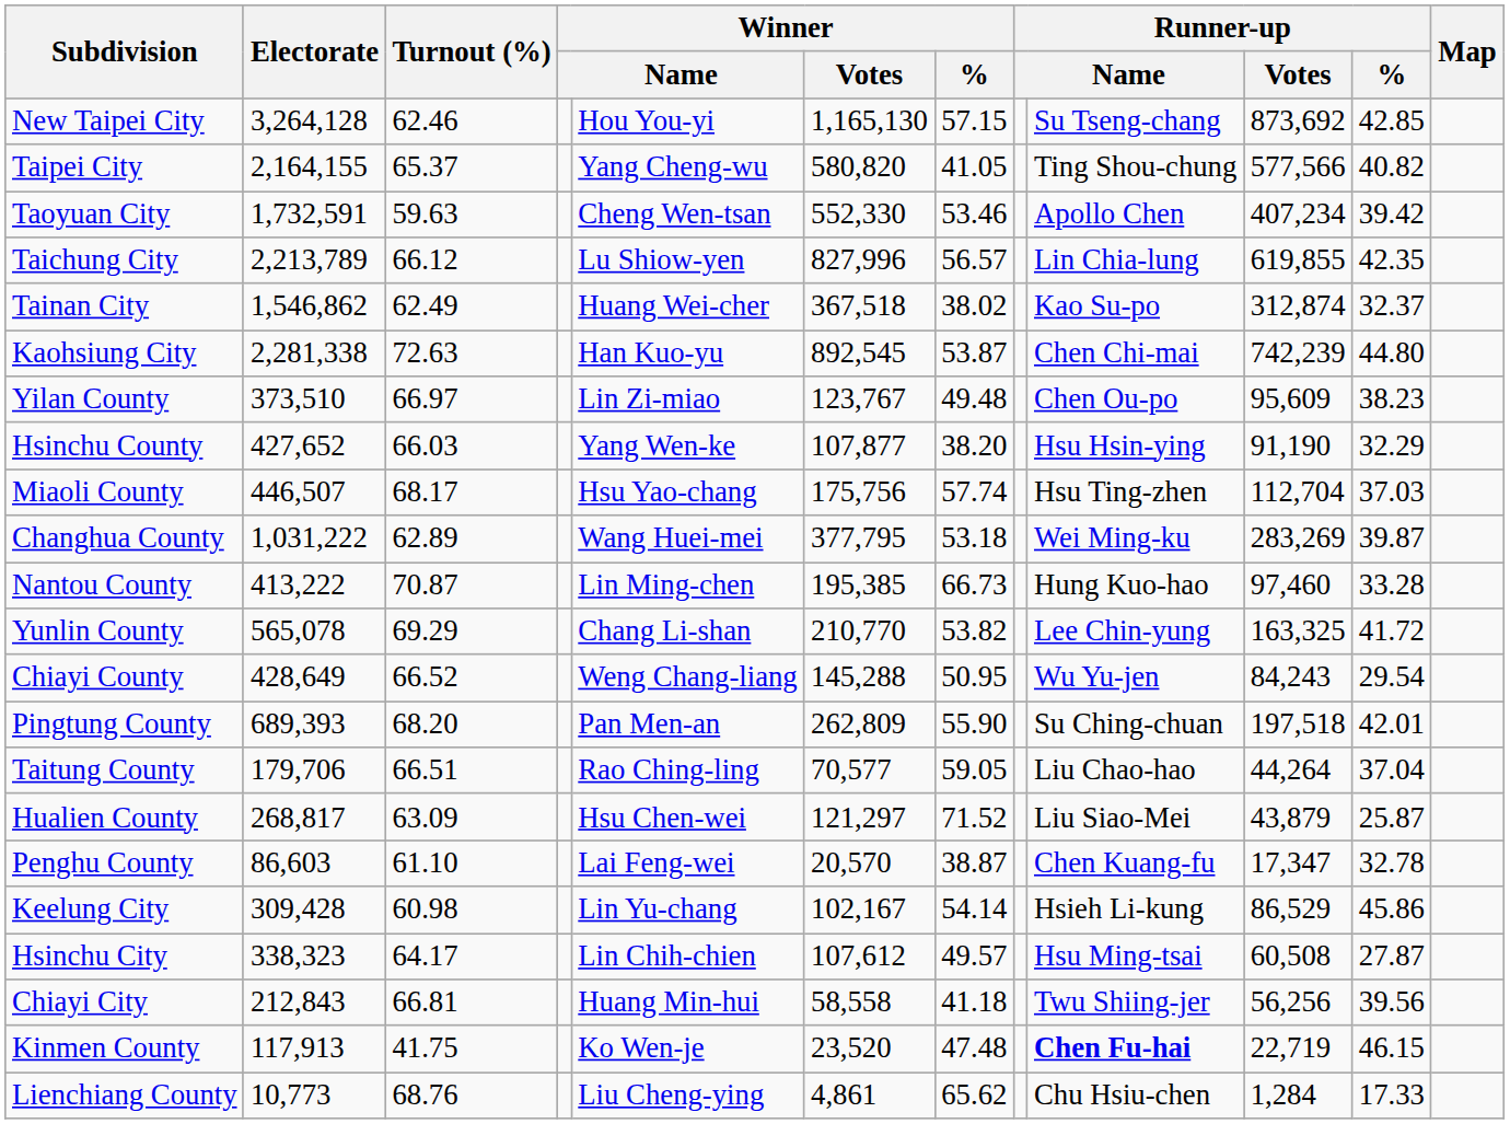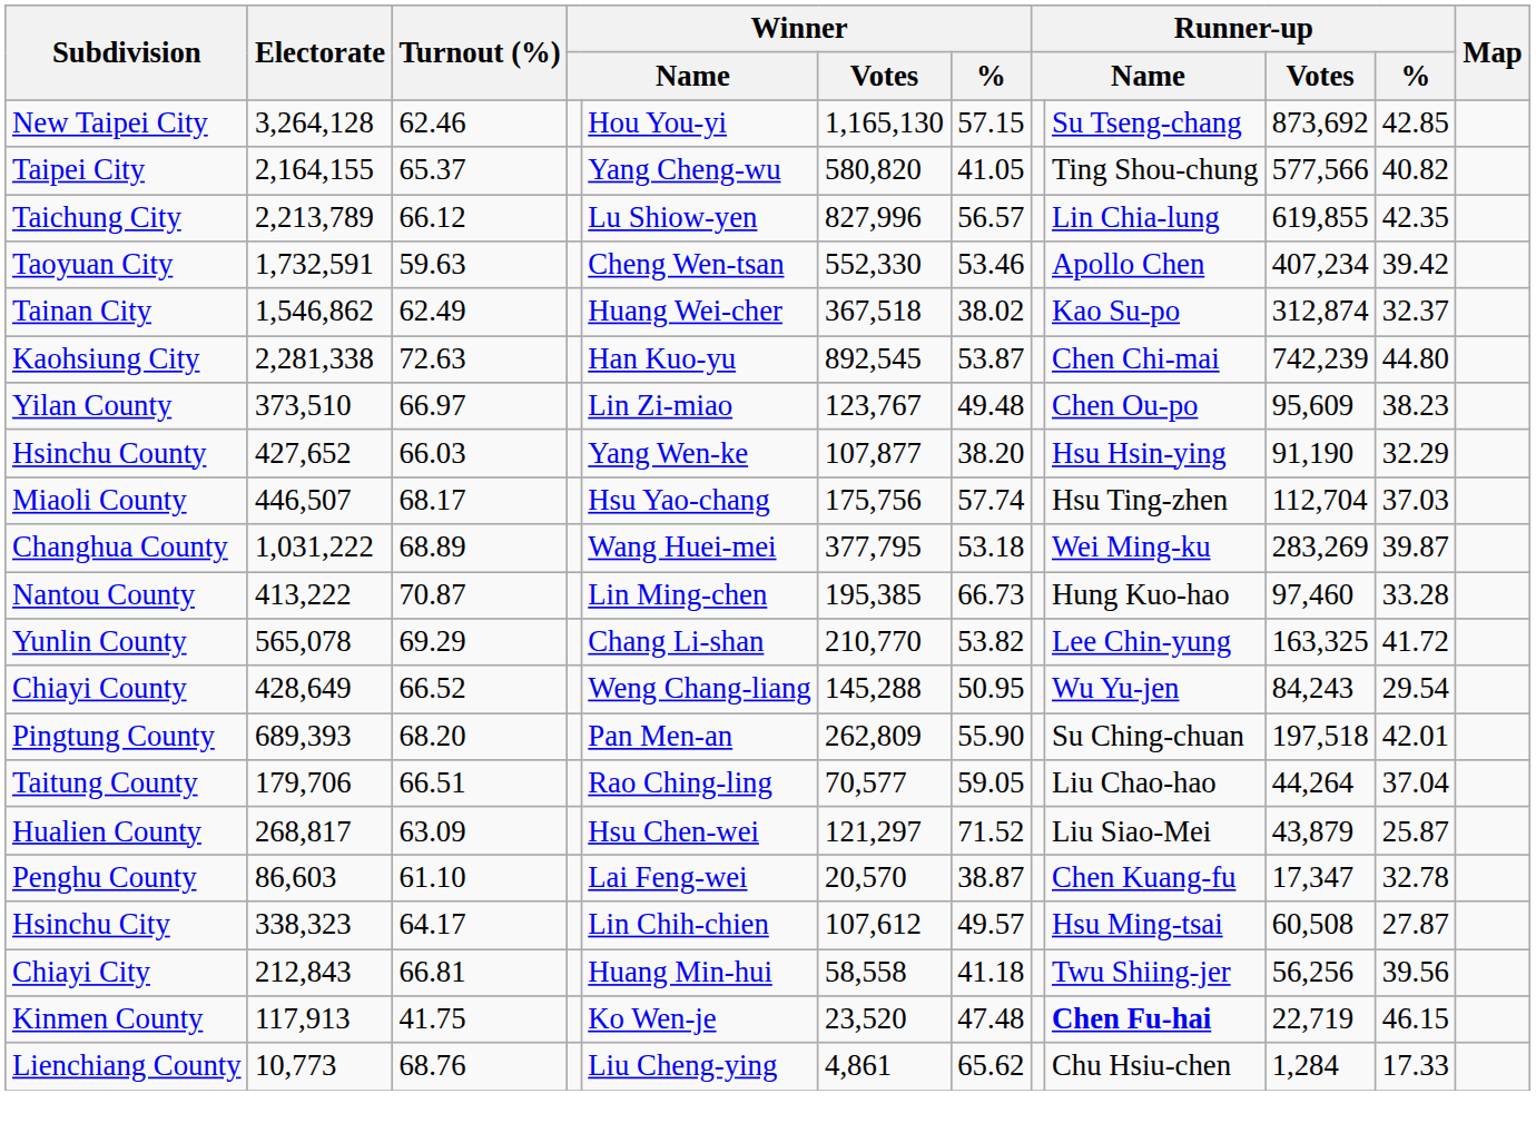 <table class="wikitable sortable">
 <tr>
 <th rowspan="2">Subdivision</th>
 <th rowspan="2">Electorate</th>
 <th rowspan="2">Turnout (%)</th>
 <th colspan="4">Winner</th>
 <th colspan="4">Runner-up</th>
 <th rowspan="2">Map</th>
 </tr>
 <tr>
 <th colspan="2">Name</th>
 <th>Votes</th>
 <th>%</th>
 <th colspan="2">Name</th>
 <th>Votes</th>
 <th>%</th>
 </tr>
 <tr>
 <td><a href='#'>New Taipei City</a></td>
 <td>3,264,128</td>
 <td>62.46</td>
 <td style="background-color:"></td>
 <td><a href='#'>Hou You-yi</a></td>
 <td>1,165,130</td>
 <td>57.15</td>
 <td style="background-color:"></td>
 <td><a href='#'>Su Tseng-chang</a></td>
 <td>873,692</td>
 <td>42.85</td>
 <td></td>
 </tr>
 <tr>
 <td><a href='#'>Taipei City</a></td>
 <td>2,164,155</td>
 <td>65.37</td>
 <td style="background-color:"></td>
 <td><a href='#'>Yang Cheng-wu</a></td>
 <td>580,820</td>
 <td>41.05</td>
 <td style="background-color:"></td>
 <td>Ting Shou-chung</td>
 <td>577,566</td>
 <td>40.82</td>
 <td></td>
 </tr>
 <tr>
+<td><a href='#'>Taichung City</a></td>
+<td>2,213,789</td>
+<td>66.12</td>
+<td style="background-color:"></td>
+<td><a href='#'>Lu Shiow-yen</a></td>
+<td>827,996</td>
+<td>56.57</td>
+<td style="background-color:"></td>
+<td><a href='#'>Lin Chia-lung</a></td>
+<td>619,855</td>
+<td>42.35</td>
+<td></td>
+</tr>
+<tr>
 <td><a href='#'>Taoyuan City</a></td>
 <td>1,732,591</td>
 <td>59.63</td>
 <td style="background-color:"></td>
 <td><a href='#'>Cheng Wen-tsan</a></td>
 <td>552,330</td>
 <td>53.46</td>
 <td style="background-color:"></td>
 <td><a href='#'>Apollo Chen</a></td>
 <td>407,234</td>
 <td>39.42</td>
-<td></td>
-</tr>
-<tr>
-<td><a href='#'>Taichung City</a></td>
-<td>2,213,789</td>
-<td>66.12</td>
-<td style="background-color:"></td>
-<td><a href='#'>Lu Shiow-yen</a></td>
-<td>827,996</td>
-<td>56.57</td>
-<td style="background-color:"></td>
-<td><a href='#'>Lin Chia-lung</a></td>
-<td>619,855</td>
-<td>42.35</td>
 <td></td>
 </tr>
 <tr>
 <td><a href='#'>Tainan City</a></td>
 <td>1,546,862</td>
 <td>62.49</td>
 <td style="background-color:"></td>
 <td><a href='#'>Huang Wei-cher</a></td>
 <td>367,518</td>
 <td>38.02</td>
 <td style="background-color:"></td>
 <td><a href='#'>Kao Su-po</a></td>
 <td>312,874</td>
 <td>32.37</td>
 <td></td>
 </tr>
 <tr>
 <td><a href='#'>Kaohsiung City</a></td>
 <td>2,281,338</td>
 <td>72.63</td>
 <td style="background-color:"></td>
 <td><a href='#'>Han Kuo-yu</a></td>
 <td>892,545</td>
 <td>53.87</td>
 <td style="background-color:"></td>
 <td><a href='#'>Chen Chi-mai</a></td>
 <td>742,239</td>
 <td>44.80</td>
 <td></td>
 </tr>
 <tr>
 <td><a href='#'>Yilan County</a></td>
 <td>373,510</td>
 <td>66.97</td>
 <td style="background-color:"></td>
 <td><a href='#'>Lin Zi-miao</a></td>
 <td>123,767</td>
 <td>49.48</td>
 <td style="background-color:"></td>
 <td><a href='#'>Chen Ou-po</a></td>
 <td>95,609</td>
 <td>38.23</td>
 <td></td>
 </tr>
 <tr>
 <td><a href='#'>Hsinchu County</a></td>
 <td>427,652</td>
 <td>66.03</td>
 <td style="background-color:"></td>
 <td><a href='#'>Yang Wen-ke</a></td>
 <td>107,877</td>
 <td>38.20</td>
 <td style="background-color:"></td>
 <td><a href='#'>Hsu Hsin-ying</a></td>
 <td>91,190</td>
 <td>32.29</td>
 <td></td>
 </tr>
 <tr>
 <td><a href='#'>Miaoli County</a></td>
 <td>446,507</td>
 <td>68.17</td>
 <td style="background-color:"></td>
 <td><a href='#'>Hsu Yao-chang</a></td>
 <td>175,756</td>
 <td>57.74</td>
 <td style="background-color:"></td>
 <td>Hsu Ting-zhen</td>
 <td>112,704</td>
 <td>37.03</td>
 <td></td>
 </tr>
 <tr>
 <td><a href='#'>Changhua County</a></td>
 <td>1,031,222</td>
-<td>62.89</td>
+<td>68.89</td>
 <td style="background-color:"></td>
 <td><a href='#'>Wang Huei-mei</a></td>
 <td>377,795</td>
 <td>53.18</td>
 <td style="background-color:"></td>
 <td><a href='#'>Wei Ming-ku</a></td>
 <td>283,269</td>
 <td>39.87</td>
 <td></td>
 </tr>
 <tr>
 <td><a href='#'>Nantou County</a></td>
 <td>413,222</td>
 <td>70.87</td>
 <td style="background-color:"></td>
 <td><a href='#'>Lin Ming-chen</a></td>
 <td>195,385</td>
 <td>66.73</td>
 <td style="background-color:"></td>
 <td>Hung Kuo-hao</td>
 <td>97,460</td>
 <td>33.28</td>
 <td></td>
 </tr>
 <tr>
 <td><a href='#'>Yunlin County</a></td>
 <td>565,078</td>
 <td>69.29</td>
 <td style="background-color:"></td>
 <td><a href='#'>Chang Li-shan</a></td>
 <td>210,770</td>
 <td>53.82</td>
 <td style="background-color:"></td>
 <td><a href='#'>Lee Chin-yung</a></td>
 <td>163,325</td>
 <td>41.72</td>
 <td></td>
 </tr>
 <tr>
 <td><a href='#'>Chiayi County</a></td>
 <td>428,649</td>
 <td>66.52</td>
 <td style="background-color:"></td>
 <td><a href='#'>Weng Chang-liang</a></td>
 <td>145,288</td>
 <td>50.95</td>
 <td style="background-color:"></td>
 <td><a href='#'>Wu Yu-jen</a></td>
 <td>84,243</td>
 <td>29.54</td>
 <td></td>
 </tr>
 <tr>
 <td><a href='#'>Pingtung County</a></td>
 <td>689,393</td>
 <td>68.20</td>
 <td style="background-color:"></td>
 <td><a href='#'>Pan Men-an</a></td>
 <td>262,809</td>
 <td>55.90</td>
 <td style="background-color:"></td>
 <td>Su Ching-chuan</td>
 <td>197,518</td>
 <td>42.01</td>
 <td></td>
 </tr>
 <tr>
 <td><a href='#'>Taitung County</a></td>
 <td>179,706</td>
 <td>66.51</td>
 <td style="background-color:"></td>
 <td><a href='#'>Rao Ching-ling</a></td>
 <td>70,577</td>
 <td>59.05</td>
 <td style="background-color:"></td>
 <td>Liu Chao-hao</td>
 <td>44,264</td>
 <td>37.04</td>
 <td></td>
 </tr>
 <tr>
 <td><a href='#'>Hualien County</a></td>
 <td>268,817</td>
 <td>63.09</td>
 <td style="background-color:"></td>
 <td><a href='#'>Hsu Chen-wei</a></td>
 <td>121,297</td>
 <td>71.52</td>
 <td style="background-color:"></td>
 <td>Liu Siao-Mei</td>
 <td>43,879</td>
 <td>25.87</td>
 <td></td>
 </tr>
 <tr>
 <td><a href='#'>Penghu County</a></td>
 <td>86,603</td>
 <td>61.10</td>
 <td style="background-color:"></td>
 <td><a href='#'>Lai Feng-wei</a></td>
 <td>20,570</td>
 <td>38.87</td>
 <td style="background-color:"></td>
 <td><a href='#'>Chen Kuang-fu</a></td>
 <td>17,347</td>
 <td>32.78</td>
 <td></td>
 </tr>
 <tr>
-<td><a href='#'>Keelung City</a></td>
-<td>309,428</td>
-<td>60.98</td>
-<td style="background-color:"></td>
-<td><a href='#'>Lin Yu-chang</a></td>
-<td>102,167</td>
-<td>54.14</td>
-<td style="background-color:"></td>
-<td>Hsieh Li-kung</td>
-<td>86,529</td>
-<td>45.86</td>
-<td></td>
-</tr>
-<tr>
 <td><a href='#'>Hsinchu City</a></td>
 <td>338,323</td>
 <td>64.17</td>
 <td style="background-color:"></td>
 <td><a href='#'>Lin Chih-chien</a></td>
 <td>107,612</td>
 <td>49.57</td>
 <td style="background-color:"></td>
 <td><a href='#'>Hsu Ming-tsai</a></td>
 <td>60,508</td>
 <td>27.87</td>
 <td></td>
 </tr>
 <tr>
 <td><a href='#'>Chiayi City</a></td>
 <td>212,843</td>
 <td>66.81</td>
 <td style="background-color:"></td>
 <td><a href='#'>Huang Min-hui</a></td>
 <td>58,558</td>
 <td>41.18</td>
 <td style="background-color:"></td>
 <td><a href='#'>Twu Shiing-jer</a></td>
 <td>56,256</td>
 <td>39.56</td>
 <td></td>
 </tr>
 <tr>
 <td><a href='#'>Kinmen County</a></td>
 <td>117,913</td>
 <td>41.75</td>
 <td style="background-color:"></td>
 <td><a href='#'>Ko Wen-je</a></td>
 <td>23,520</td>
 <td>47.48</td>
 <td style="background-color:"></td>
 <td><strong><a href='#'>Chen Fu-hai</a></strong></td>
 <td>22,719</td>
 <td>46.15</td>
 <td></td>
 </tr>
 <tr>
 <td><a href='#'>Lienchiang County</a></td>
 <td>10,773</td>
 <td>68.76</td>
 <td style="background-color:"></td>
 <td><a href='#'>Liu Cheng-ying</a></td>
 <td>4,861</td>
 <td>65.62</td>
 <td style="background-color:"></td>
 <td>Chu Hsiu-chen</td>
 <td>1,284</td>
 <td>17.33</td>
 <td></td>
 </tr>
 </table>
